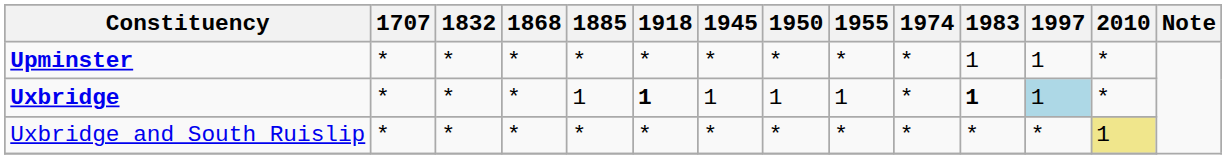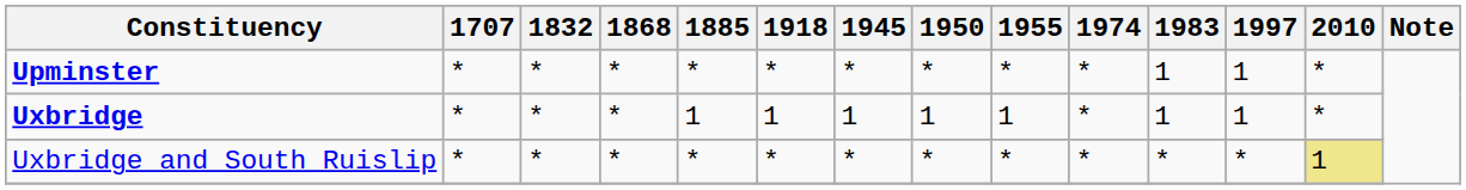 <table class="wikitable">
 <tr>
 <th>Constituency</th>
 <th>1707</th>
 <th>1832</th>
 <th>1868</th>
 <th>1885</th>
 <th>1918</th>
 <th>1945</th>
 <th>1950</th>
 <th>1955</th>
 <th>1974</th>
 <th>1983</th>
 <th>1997</th>
 <th>2010</th>
 <th>Note</th>
 </tr>
 <tr>
 <td><strong><a href='#'>Upminster</a></strong></td>
 <td>*</td>
 <td>*</td>
 <td>*</td>
 <td>*</td>
 <td>*</td>
 <td>*</td>
 <td>*</td>
 <td>*</td>
 <td>*</td>
 <td>1</td>
 <td>1</td>
 <td>*</td>
 </tr>
 <tr>
 <td><strong><a href='#'>Uxbridge</a></strong></td>
 <td>*</td>
 <td>*</td>
 <td>*</td>
 <td>1</td>
-<td><strong>1</strong></td>
+<td>1</td>
 <td>1</td>
 <td>1</td>
 <td>1</td>
 <td>*</td>
-<td><strong>1</strong></td>
-<td style="background: lightblue;">1</td>
+<td>1</td>
+<td>1</td>
 <td>*</td>
 </tr>
 <tr>
 <td><a href='#'>Uxbridge and South Ruislip</a></td>
 <td>*</td>
 <td>*</td>
 <td>*</td>
 <td>*</td>
 <td>*</td>
 <td>*</td>
 <td>*</td>
 <td>*</td>
 <td>*</td>
 <td>*</td>
 <td>*</td>
 <td style="background: khaki;">1</td>
 </tr>
 <tr>
 </tr>
 </table>
